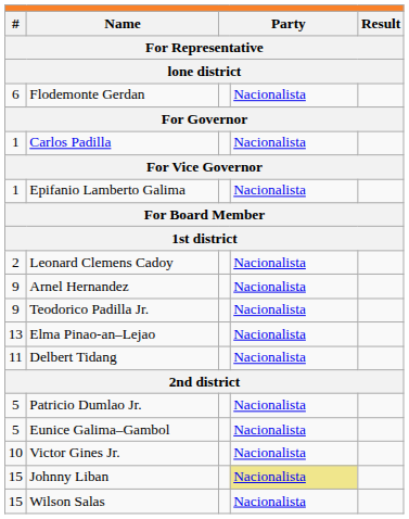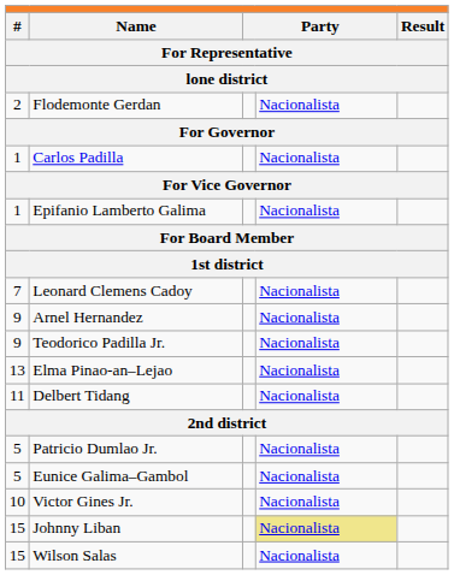 <table class="wikitable" style="font-size:85%">
 <tr>
 <td colspan="5" style="background-color:#FA8128;"></td>
 </tr>
 <tr>
 <th style="width:2px;">#</th>
 <th style="width:175px;">Name</th>
 <th colspan="2" width="124px">Party</th>
 <th>Result</th>
 </tr>
 <tr>
 <th colspan="5">For Representative</th>
 </tr>
 <tr>
 <th colspan="5">lone district</th>
 </tr>
 <tr>
-<td style="text-align:center;">6</td>
+<td style="text-align:center;">2</td>
 <td>Flodemonte Gerdan</td>
 <td style="background:"></td>
 <td><a href='#'>Nacionalista</a></td>
 <td></td>
 </tr>
 <tr>
 <th colspan="5">For Governor</th>
 </tr>
 <tr>
 <td style="text-align:center;">1</td>
 <td><a href='#'>Carlos Padilla</a></td>
 <td style="background:"></td>
 <td><a href='#'>Nacionalista</a></td>
 <td></td>
 </tr>
 <tr>
 <th colspan="5">For Vice Governor</th>
 </tr>
 <tr>
 <td style="text-align:center;">1</td>
 <td>Epifanio Lamberto Galima</td>
 <td style="background:"></td>
 <td><a href='#'>Nacionalista</a></td>
 <td></td>
 </tr>
 <tr>
 <th colspan="5">For Board Member</th>
 </tr>
 <tr>
 <th colspan="5">1st district</th>
 </tr>
 <tr>
-<td style="text-align:center;">2</td>
+<td style="text-align:center;">7</td>
 <td>Leonard Clemens Cadoy</td>
 <td style="background:"></td>
 <td><a href='#'>Nacionalista</a></td>
 <td></td>
 </tr>
 <tr>
 <td style="text-align:center;">9</td>
 <td>Arnel Hernandez</td>
 <td style="background:"></td>
 <td><a href='#'>Nacionalista</a></td>
 <td></td>
 </tr>
 <tr>
 <td style="text-align:center;">9</td>
 <td>Teodorico Padilla Jr.</td>
 <td style="background:"></td>
 <td><a href='#'>Nacionalista</a></td>
 <td></td>
 </tr>
 <tr>
 <td style="text-align:center;">13</td>
 <td>Elma Pinao-an–Lejao</td>
 <td style="background:"></td>
 <td><a href='#'>Nacionalista</a></td>
 <td></td>
 </tr>
 <tr>
 <td style="text-align:center;">11</td>
 <td>Delbert Tidang</td>
 <td style="background:"></td>
 <td><a href='#'>Nacionalista</a></td>
 <td></td>
 </tr>
 <tr>
 <th colspan="5">2nd district</th>
 </tr>
 <tr>
 <td style="text-align:center;">5</td>
 <td>Patricio Dumlao Jr.</td>
 <td style="background:"></td>
 <td><a href='#'>Nacionalista</a></td>
 <td></td>
 </tr>
 <tr>
 <td style="text-align:center;">5</td>
 <td>Eunice Galima–Gambol</td>
 <td style="background:"></td>
 <td><a href='#'>Nacionalista</a></td>
 <td></td>
 </tr>
 <tr>
 <td style="text-align:center;">10</td>
 <td>Victor Gines Jr.</td>
 <td style="background:"></td>
 <td><a href='#'>Nacionalista</a></td>
 <td></td>
 </tr>
 <tr>
 <td style="text-align:center;">15</td>
 <td>Johnny Liban</td>
 <td style="background:"></td>
 <td style="background: khaki;"><a href='#'>Nacionalista</a></td>
 <td></td>
 </tr>
 <tr>
 <td style="text-align:center;">15</td>
 <td>Wilson Salas</td>
 <td style="background:"></td>
 <td><a href='#'>Nacionalista</a></td>
 <td></td>
 </tr>
 </table>
